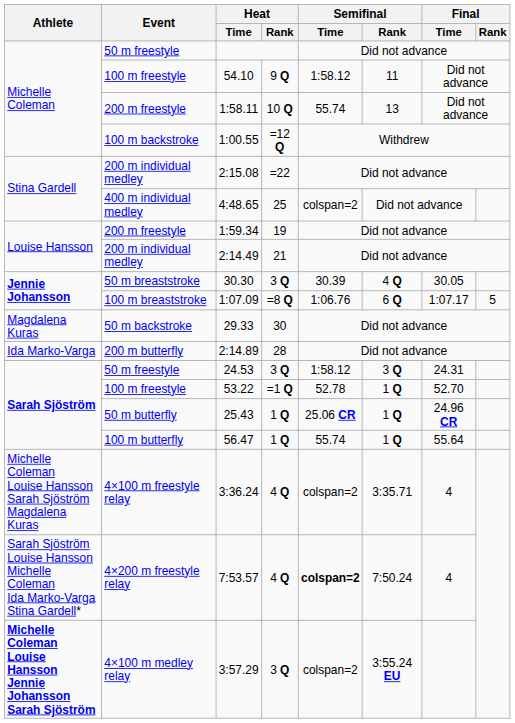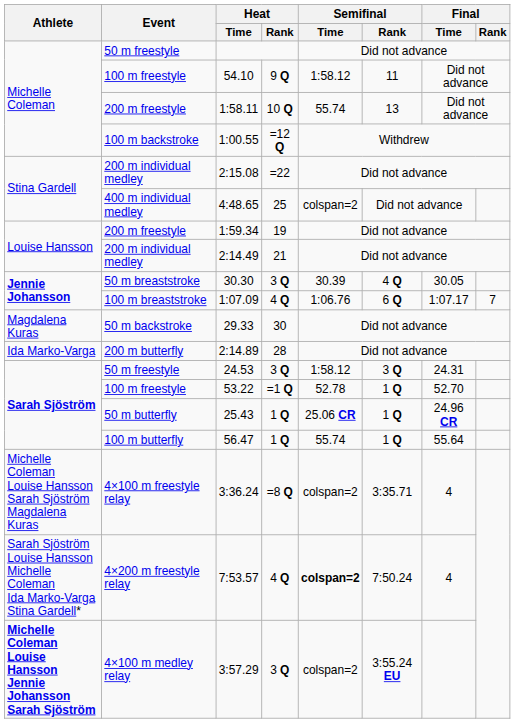 <table class=wikitable style="font-size:90%">
 <tr>
 <th rowspan=2>Athlete</th>
 <th rowspan=2>Event</th>
 <th colspan="2">Heat</th>
 <th colspan="2">Semifinal</th>
 <th colspan="2">Final</th>
 </tr>
 <tr style="font-size:95%">
 <th>Time</th>
 <th>Rank</th>
 <th>Time</th>
 <th>Rank</th>
 <th>Time</th>
 <th>Rank</th>
 </tr>
 <tr align=center>
 <td align=left rowspan=4><a href='#'>Michelle Coleman</a></td>
 <td align=left><a href='#'>50 m freestyle</a></td>
 <td colspan=2></td>
 <td colspan=4>Did not advance</td>
 </tr>
 <tr align=center>
 <td align=left><a href='#'>100 m freestyle</a></td>
 <td>54.10</td>
 <td>9 <strong>Q</strong></td>
 <td>1:58.12</td>
 <td>11</td>
 <td colspan=2>Did not advance</td>
 </tr>
 <tr align=center>
 <td align=left><a href='#'>200 m freestyle</a></td>
 <td>1:58.11</td>
 <td>10 <strong>Q</strong></td>
 <td>55.74 </td>
 <td>13</td>
 <td colspan=2>Did not advance</td>
 </tr>
 <tr align=center>
 <td align=left><a href='#'>100 m backstroke</a></td>
 <td>1:00.55</td>
 <td>=12 <strong>Q</strong></td>
 <td colspan=4>Withdrew</td>
 </tr>
 <tr align=center>
 <td align=left rowspan=2><a href='#'>Stina Gardell</a></td>
 <td align=left><a href='#'>200 m individual medley</a></td>
 <td>2:15.08</td>
 <td>=22</td>
 <td colspan=4>Did not advance</td>
 </tr>
 <tr align=center>
 <td align=left><a href='#'>400 m individual medley</a></td>
 <td>4:48.65</td>
 <td>25</td>
 <td>colspan=2 </td>
 <td colspan=2>Did not advance</td>
 </tr>
 <tr align=center>
 <td align=left rowspan=2><a href='#'>Louise Hansson</a></td>
 <td align=left><a href='#'>200 m freestyle</a></td>
 <td>1:59.34</td>
 <td>19</td>
 <td colspan=4>Did not advance</td>
 </tr>
 <tr align=center>
 <td align=left><a href='#'>200 m individual medley</a></td>
 <td>2:14.49</td>
 <td>21</td>
 <td colspan=4>Did not advance</td>
 </tr>
 <tr align=center>
 <td align=left rowspan=2><strong><a href='#'>Jennie Johansson</a></strong></td>
 <td align=left><a href='#'>50 m breaststroke</a></td>
 <td>30.30</td>
 <td>3 <strong>Q</strong></td>
 <td>30.39</td>
 <td>4 <strong>Q</strong></td>
 <td>30.05</td>
 <td></td>
 </tr>
 <tr align=center>
 <td align=left><a href='#'>100 m breaststroke</a></td>
 <td>1:07.09</td>
-<td>=8 <strong>Q</strong></td>
+<td>4 <strong>Q</strong></td>
 <td>1:06.76</td>
 <td>6 <strong>Q</strong></td>
 <td>1:07.17</td>
-<td>5</td>
+<td>7</td>
 </tr>
 <tr align=center>
 <td align=left><a href='#'>Magdalena Kuras</a></td>
 <td align=left><a href='#'>50 m backstroke</a></td>
 <td>29.33</td>
 <td>30</td>
 <td colspan=4>Did not advance</td>
 </tr>
 <tr align=center>
 <td align=left><a href='#'>Ida Marko-Varga</a></td>
 <td align=left><a href='#'>200 m butterfly</a></td>
 <td>2:14.89</td>
 <td>28</td>
 <td colspan=4>Did not advance</td>
 </tr>
 <tr align=center>
 <td align=left rowspan=4><strong><a href='#'>Sarah Sjöström</a></strong></td>
 <td align=left><a href='#'>50 m freestyle</a></td>
 <td>24.53</td>
 <td>3 <strong>Q</strong></td>
 <td>1:58.12</td>
 <td>3 <strong>Q</strong></td>
 <td>24.31</td>
 <td></td>
 </tr>
 <tr align=center>
 <td align=left><a href='#'>100 m freestyle</a></td>
 <td>53.22</td>
 <td>=1 <strong>Q</strong></td>
 <td>52.78</td>
 <td>1 <strong>Q</strong></td>
 <td>52.70</td>
 <td></td>
 </tr>
 <tr align=center>
 <td align=left><a href='#'>50 m butterfly</a></td>
 <td>25.43</td>
 <td>1 <strong>Q</strong></td>
 <td>25.06 <strong><a href='#'>CR</a></strong></td>
 <td>1 <strong>Q</strong></td>
 <td>24.96 <strong><a href='#'>CR</a></strong></td>
 <td></td>
 </tr>
 <tr align=center>
 <td align=left><a href='#'>100 m butterfly</a></td>
 <td>56.47</td>
 <td>1 <strong>Q</strong></td>
 <td>55.74 </td>
 <td>1 <strong>Q</strong></td>
 <td>55.64 </td>
 <td></td>
 </tr>
 <tr align=center>
 <td align=left><a href='#'>Michelle Coleman</a><br><a href='#'>Louise Hansson</a><br><a href='#'>Sarah Sjöström</a><br><a href='#'>Magdalena Kuras</a></td>
 <td align=left><a href='#'>4×100 m freestyle relay</a></td>
 <td>3:36.24</td>
-<td>4 <strong>Q</strong></td>
+<td>=8 <strong>Q</strong></td>
 <td>colspan=2 </td>
 <td>3:35.71</td>
 <td>4</td>
 </tr>
 <tr align=center>
 <td align=left><a href='#'>Sarah Sjöström</a><br><a href='#'>Louise Hansson</a><br><a href='#'>Michelle Coleman</a><br><a href='#'>Ida Marko-Varga</a><br><a href='#'>Stina Gardell</a>*</td>
 <td align=left><a href='#'>4×200 m freestyle relay</a></td>
 <td>7:53.57</td>
 <td>4 <strong>Q</strong></td>
 <td><strong>colspan=2 </strong></td>
 <td>7:50.24</td>
 <td>4</td>
 </tr>
 <tr align=center>
 <td align=left><strong><a href='#'>Michelle Coleman</a><br><a href='#'>Louise Hansson</a><br><a href='#'>Jennie Johansson</a><br><a href='#'>Sarah Sjöström</a></strong></td>
 <td align=left><a href='#'>4×100 m medley relay</a></td>
 <td>3:57.29</td>
 <td>3 <strong>Q</strong></td>
 <td>colspan=2 </td>
 <td>3:55.24 <strong><a href='#'>EU</a></strong></td>
 <td></td>
 </tr>
 </table>
